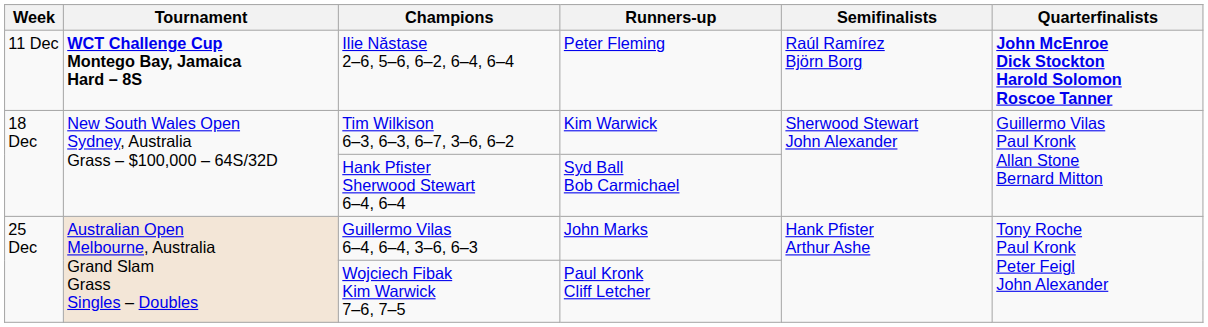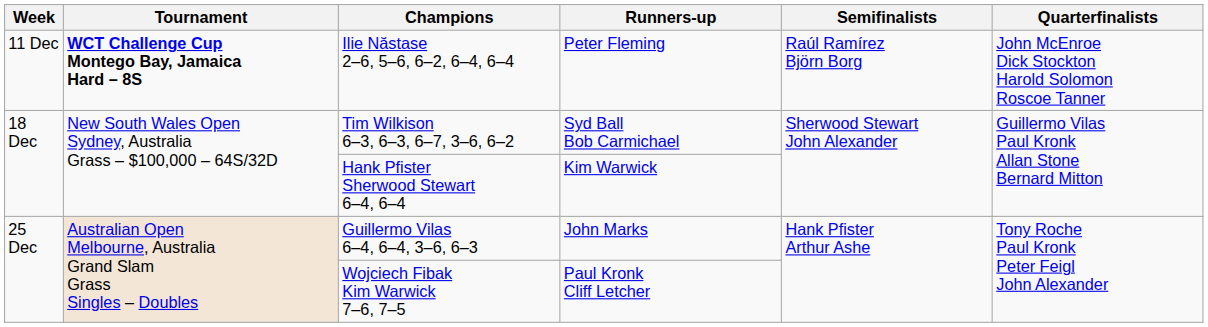 <table class=wikitable style=font-size:95%>
 <tr>
 <th style="width:48px;">Week</th>
 <th style="width:250px;">Tournament</th>
 <th style="width:200px;">Champions</th>
 <th style="width:200px;">Runners-up</th>
 <th style="width:190px;">Semifinalists</th>
 <th style="width:190px;">Quarterfinalists</th>
 </tr>
 <tr valign=top>
 <td>11 Dec</td>
 <td><strong><a href='#'>WCT Challenge Cup</a> <br>Montego Bay, Jamaica <br> Hard – 8S</strong></td>
 <td> <a href='#'>Ilie Năstase</a> <br> 2–6, 5–6, 6–2, 6–4, 6–4</td>
 <td> <a href='#'>Peter Fleming</a></td>
 <td> <a href='#'>Raúl Ramírez</a> <br>  <a href='#'>Björn Borg</a></td>
-<td><strong> <a href='#'>John McEnroe</a><br> <a href='#'>Dick Stockton</a> <br>  <a href='#'>Harold Solomon</a><br> <a href='#'>Roscoe Tanner</a></strong></td>
+<td> <a href='#'>John McEnroe</a><br> <a href='#'>Dick Stockton</a> <br>  <a href='#'>Harold Solomon</a><br> <a href='#'>Roscoe Tanner</a></td>
 </tr>
 <tr valign=top>
 <td rowspan=2>18 Dec</td>
 <td rowspan=2><a href='#'>New South Wales Open</a> <br> <a href='#'>Sydney</a>, Australia <br> Grass – $100,000 – 64S/32D</td>
 <td> <a href='#'>Tim Wilkison</a> <br> 6–3, 6–3, 6–7, 3–6, 6–2</td>
-<td> <a href='#'>Kim Warwick</a></td>
+<td> <a href='#'>Syd Ball</a> <br>  <a href='#'>Bob Carmichael</a></td>
 <td rowspan=2> <a href='#'>Sherwood Stewart</a> <br>  <a href='#'>John Alexander</a></td>
 <td rowspan=2> <a href='#'>Guillermo Vilas</a> <br>  <a href='#'>Paul Kronk</a> <br>  <a href='#'>Allan Stone</a> <br>  <a href='#'>Bernard Mitton</a></td>
 </tr>
 <tr valign=top>
 <td> <a href='#'>Hank Pfister</a> <br>  <a href='#'>Sherwood Stewart</a> <br> 6–4, 6–4</td>
-<td> <a href='#'>Syd Ball</a> <br>  <a href='#'>Bob Carmichael</a></td>
+<td> <a href='#'>Kim Warwick</a></td>
 </tr>
 <tr valign=top>
 <td rowspan=2>25 Dec</td>
 <td rowspan=2 style="background:#f3e6d7;"><a href='#'>Australian Open</a> <br> <a href='#'>Melbourne</a>, Australia <br> Grand Slam <br> Grass <br> <a href='#'>Singles</a> – <a href='#'>Doubles</a></td>
 <td> <a href='#'>Guillermo Vilas</a> <br> 6–4, 6–4, 3–6, 6–3</td>
 <td> <a href='#'>John Marks</a></td>
 <td rowspan=2> <a href='#'>Hank Pfister</a> <br>  <a href='#'>Arthur Ashe</a></td>
 <td rowspan=2> <a href='#'>Tony Roche</a> <br>  <a href='#'>Paul Kronk</a> <br>  <a href='#'>Peter Feigl</a> <br>  <a href='#'>John Alexander</a></td>
 </tr>
 <tr valign=top>
 <td> <a href='#'>Wojciech Fibak</a> <br>  <a href='#'>Kim Warwick</a> <br> 7–6, 7–5</td>
 <td> <a href='#'>Paul Kronk</a> <br>  <a href='#'>Cliff Letcher</a></td>
 </tr>
 </table>
